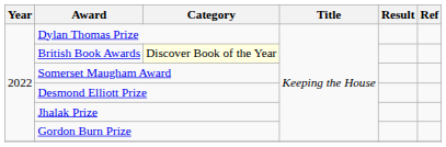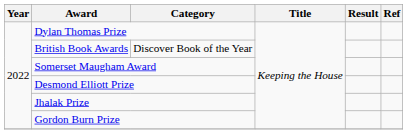 <table class="wikitable sortable">
 <tr>
 <th>Year</th>
 <th>Award</th>
 <th>Category</th>
 <th>Title</th>
 <th>Result</th>
 <th>Ref</th>
 </tr>
 <tr>
 <td rowspan="6">2022</td>
 <td colspan="2"><a href='#'>Dylan Thomas Prize</a></td>
 <td rowspan="6"><em>Keeping the House</em></td>
 <td></td>
 <td></td>
 </tr>
 <tr>
 <td><a href='#'>British Book Awards</a></td>
-<td style="background: lightyellow;">Discover Book of the Year</td>
+<td>Discover Book of the Year</td>
 <td></td>
 <td></td>
 </tr>
 <tr>
 <td colspan="2"><a href='#'>Somerset Maugham Award</a></td>
 <td></td>
 <td></td>
 </tr>
 <tr>
 <td colspan="2"><a href='#'>Desmond Elliott Prize</a></td>
 <td></td>
 <td></td>
 </tr>
 <tr>
 <td colspan="2"><a href='#'>Jhalak Prize</a></td>
 <td></td>
 <td></td>
 </tr>
 <tr>
 <td colspan="2"><a href='#'>Gordon Burn Prize</a></td>
 <td></td>
 <td></td>
 </tr>
 <tr>
 </tr>
 </table>
